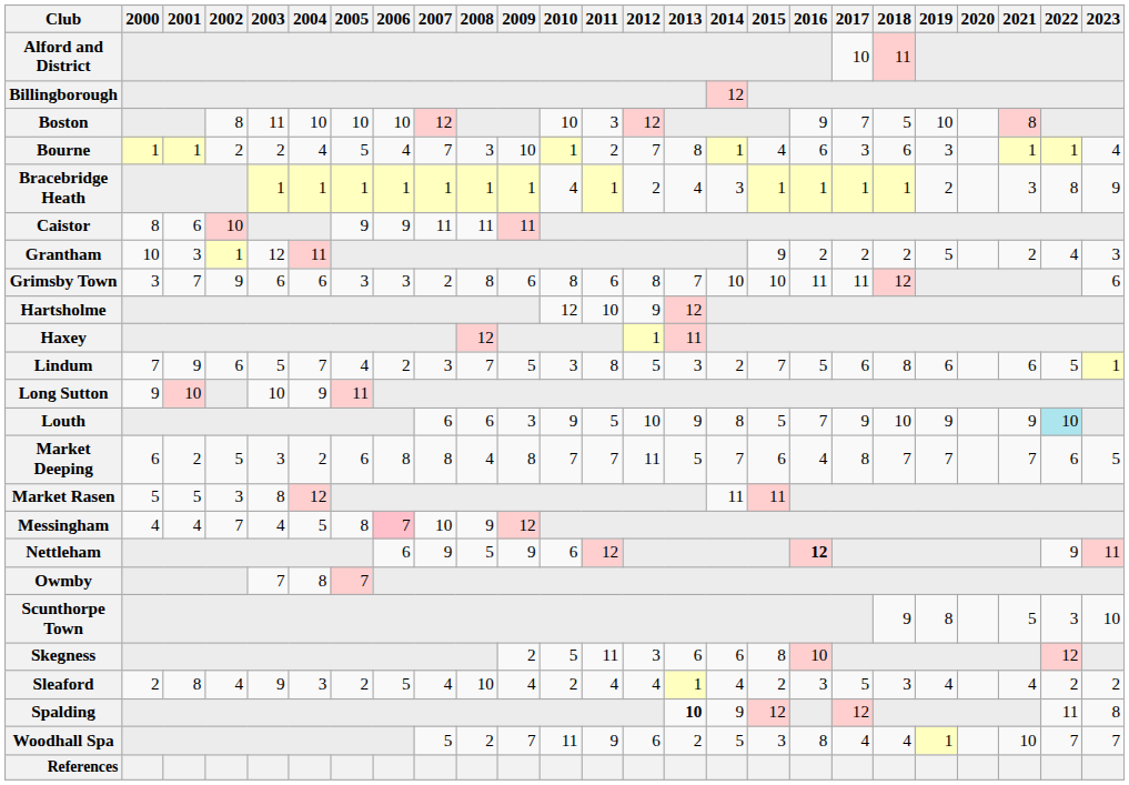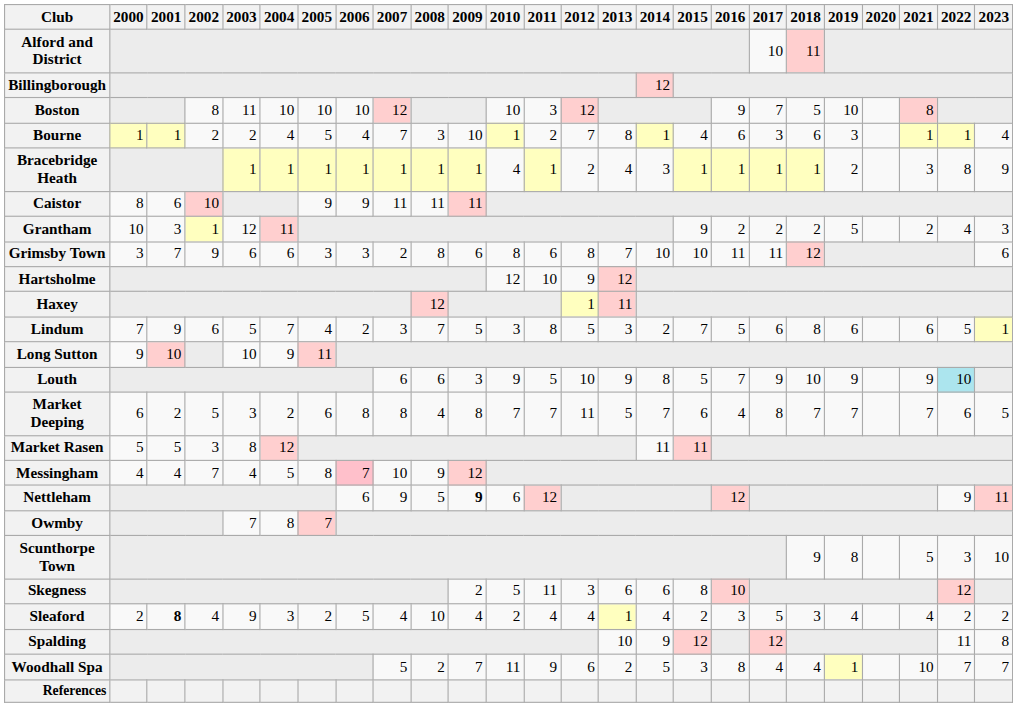 <table class="wikitable plainrowheaders" style="font-size:85%; text-align: right;">
 <tr>
 <th scope="col">Club</th>
 <th scope="col">2000</th>
 <th scope="col">2001</th>
 <th scope="col">2002</th>
 <th scope="col">2003</th>
 <th scope="col">2004</th>
 <th scope="col">2005</th>
 <th scope="col">2006</th>
 <th scope="col">2007</th>
 <th scope="col">2008</th>
 <th scope="col">2009</th>
 <th scope="col">2010</th>
 <th scope="col">2011</th>
 <th scope="col">2012</th>
 <th scope="col">2013</th>
 <th scope="col">2014</th>
 <th scope="col">2015</th>
 <th scope="col">2016</th>
 <th scope="col">2017</th>
 <th scope="col">2018</th>
 <th scope="col">2019</th>
 <th scope="col">2020</th>
 <th scope="col">2021</th>
 <th scope="col">2022</th>
 <th scope="col">2023</th>
 </tr>
 <tr>
 <th scope="row">Alford and District</th>
 <td bgcolor="#ececec" colspan="17"></td>
 <td>10</td>
 <td bgcolor="#ffcfcf">11</td>
 <td bgcolor="#ececec" colspan="5"></td>
 </tr>
 <tr>
 <th scope="row">Billingborough</th>
 <td bgcolor="#ececec" colspan="14"></td>
 <td bgcolor="#ffcfcf">12</td>
 <td bgcolor="#ececec" colspan="9"></td>
 </tr>
 <tr>
 <th scope="row">Boston</th>
 <td bgcolor="#ececec" colspan="2"></td>
 <td>8</td>
 <td>11</td>
 <td>10</td>
 <td>10</td>
 <td>10</td>
 <td bgcolor="#ffcfcf">12</td>
 <td bgcolor="#ececec" colspan="2"></td>
 <td>10</td>
 <td>3</td>
 <td bgcolor="#ffcfcf">12</td>
 <td bgcolor="#ececec" colspan="3"></td>
 <td>9</td>
 <td>7</td>
 <td>5</td>
 <td>10</td>
 <td></td>
 <td bgcolor="#ffcfcf">8</td>
 <td bgcolor="#ececec" colspan="2"></td>
 </tr>
 <tr>
 <th scope="row">Bourne</th>
 <td bgcolor="#ffffbf">1</td>
 <td bgcolor="#ffffbf">1</td>
 <td>2</td>
 <td>2</td>
 <td>4</td>
 <td>5</td>
 <td>4</td>
 <td>7</td>
 <td>3</td>
 <td>10</td>
 <td bgcolor="#ffffbf">1</td>
 <td>2</td>
 <td>7</td>
 <td>8</td>
 <td bgcolor="#ffffbf">1</td>
 <td>4</td>
 <td>6</td>
 <td>3</td>
 <td>6</td>
 <td>3</td>
 <td></td>
 <td bgcolor="#ffffbf">1</td>
 <td bgcolor="#ffffbf">1</td>
 <td>4</td>
 </tr>
 <tr>
 <th scope="row">Bracebridge Heath</th>
 <td bgcolor="#ececec" colspan="3"></td>
 <td bgcolor="#ffffbf">1</td>
 <td bgcolor="#ffffbf">1</td>
 <td bgcolor="#ffffbf">1</td>
 <td bgcolor="#ffffbf">1</td>
 <td bgcolor="#ffffbf">1</td>
 <td bgcolor="#ffffbf">1</td>
 <td bgcolor="#ffffbf">1</td>
 <td>4</td>
 <td bgcolor="#ffffbf">1</td>
 <td>2</td>
 <td>4</td>
 <td>3</td>
 <td bgcolor="#ffffbf">1</td>
 <td bgcolor="#ffffbf">1</td>
 <td bgcolor="#ffffbf">1</td>
 <td bgcolor="#ffffbf">1</td>
 <td>2</td>
 <td></td>
 <td>3</td>
 <td>8</td>
 <td>9</td>
 </tr>
 <tr>
 <th scope="row">Caistor</th>
 <td>8</td>
 <td>6</td>
 <td bgcolor="#ffcfcf">10</td>
 <td bgcolor="#ececec" colspan="2"></td>
 <td>9</td>
 <td>9</td>
 <td>11</td>
 <td>11</td>
 <td bgcolor="#ffcfcf">11</td>
 <td bgcolor="#ececec" colspan="14"></td>
 </tr>
 <tr>
 <th scope="row">Grantham</th>
 <td>10</td>
 <td>3</td>
 <td bgcolor="#ffffbf">1</td>
 <td>12</td>
 <td bgcolor="#ffcfcf">11</td>
 <td bgcolor="#ececec" colspan="10"></td>
 <td>9</td>
 <td>2</td>
 <td>2</td>
 <td>2</td>
 <td>5</td>
 <td></td>
 <td>2</td>
 <td>4</td>
 <td>3</td>
 </tr>
 <tr>
 <th scope="row">Grimsby Town</th>
 <td>3</td>
 <td>7</td>
 <td>9</td>
 <td>6</td>
 <td>6</td>
 <td>3</td>
 <td>3</td>
 <td>2</td>
 <td>8</td>
 <td>6</td>
 <td>8</td>
 <td>6</td>
 <td>8</td>
 <td>7</td>
 <td>10</td>
 <td>10</td>
 <td>11</td>
 <td>11</td>
 <td bgcolor="#ffcfcf">12</td>
 <td bgcolor="#ececec" colspan="4"></td>
 <td>6</td>
 </tr>
 <tr>
 <th scope="row">Hartsholme</th>
 <td bgcolor="#ececec" colspan="10"></td>
 <td>12</td>
 <td>10</td>
 <td>9</td>
 <td bgcolor="#ffcfcf">12</td>
 <td bgcolor="#ececec" colspan="10"></td>
 </tr>
 <tr>
 <th scope="row">Haxey</th>
 <td bgcolor="#ececec" colspan="8"></td>
 <td bgcolor="#ffcfcf">12</td>
 <td bgcolor="#ececec" colspan="3"></td>
 <td bgcolor="#ffffbf">1</td>
 <td bgcolor="#ffcfcf">11</td>
 <td bgcolor="#ececec" colspan="11"></td>
 </tr>
 <tr>
 <th scope="row">Lindum</th>
 <td>7</td>
 <td>9</td>
 <td>6</td>
 <td>5</td>
 <td>7</td>
 <td>4</td>
 <td>2</td>
 <td>3</td>
 <td>7</td>
 <td>5</td>
 <td>3</td>
 <td>8</td>
 <td>5</td>
 <td>3</td>
 <td>2</td>
 <td>7</td>
 <td>5</td>
 <td>6</td>
 <td>8</td>
 <td>6</td>
 <td></td>
 <td>6</td>
 <td>5</td>
 <td bgcolor="#ffffbf">1</td>
 </tr>
 <tr>
 <th scope="row">Long Sutton</th>
 <td>9</td>
 <td bgcolor="#ffcfcf">10</td>
 <td bgcolor="#ececec"></td>
 <td>10</td>
 <td>9</td>
 <td bgcolor="#ffcfcf">11</td>
 <td bgcolor="#ececec" colspan="18"></td>
 </tr>
 <tr>
 <th scope="row">Louth</th>
 <td bgcolor="#ececec" colspan="7"></td>
 <td>6</td>
 <td>6</td>
 <td>3</td>
 <td>9</td>
 <td>5</td>
 <td>10</td>
 <td>9</td>
 <td>8</td>
 <td>5</td>
 <td>7</td>
 <td>9</td>
 <td>10</td>
 <td>9</td>
 <td></td>
 <td>9</td>
 <td bgcolor="#ace5ee">10</td>
 <td bgcolor="#ececec" colspan="1"></td>
 </tr>
 <tr>
 <th scope="row">Market Deeping</th>
 <td>6</td>
 <td>2</td>
 <td>5</td>
 <td>3</td>
 <td>2</td>
 <td>6</td>
 <td>8</td>
 <td>8</td>
 <td>4</td>
 <td>8</td>
 <td>7</td>
 <td>7</td>
 <td>11</td>
 <td>5</td>
 <td>7</td>
 <td>6</td>
 <td>4</td>
 <td>8</td>
 <td>7</td>
 <td>7</td>
 <td></td>
 <td>7</td>
 <td>6</td>
 <td>5</td>
 </tr>
 <tr>
 <th scope="row">Market Rasen</th>
 <td>5</td>
 <td>5</td>
 <td>3</td>
 <td>8</td>
 <td bgcolor="#ffcfcf">12</td>
 <td bgcolor="#ececec" colspan="9"></td>
 <td>11</td>
 <td bgcolor="#ffcfcf">11</td>
 <td bgcolor="#ececec" colspan="8"></td>
 </tr>
 <tr>
 <th scope="row">Messingham</th>
 <td>4</td>
 <td>4</td>
 <td>7</td>
 <td>4</td>
 <td>5</td>
 <td>8</td>
 <td style="background: pink;">7</td>
 <td>10</td>
 <td>9</td>
 <td bgcolor="#ffcfcf">12</td>
 <td bgcolor="#ececec" colspan="14"></td>
 </tr>
 <tr>
 <th scope="row">Nettleham</th>
 <td bgcolor="#ececec" colspan="6"></td>
 <td>6</td>
 <td>9</td>
 <td>5</td>
-<td>9</td>
+<td><strong>9</strong></td>
 <td>6</td>
 <td bgcolor="#ffcfcf">12</td>
 <td bgcolor="#ececec" colspan="4"></td>
-<td bgcolor="#ffcfcf"><strong>12</strong></td>
+<td bgcolor="#ffcfcf">12</td>
 <td bgcolor="#ececec" colspan="5"></td>
 <td>9</td>
 <td bgcolor="#ffcfcf">11</td>
 </tr>
 <tr>
 <th scope="row">Owmby</th>
 <td bgcolor="#ececec" colspan="3"></td>
 <td>7</td>
 <td>8</td>
 <td bgcolor="#ffcfcf">7</td>
 <td bgcolor="#ececec" colspan="18"></td>
 </tr>
 <tr>
 <th scope="row">Scunthorpe Town</th>
 <td bgcolor="#ececec" colspan="18"></td>
 <td>9</td>
 <td>8</td>
 <td></td>
 <td>5</td>
 <td>3</td>
 <td>10</td>
 </tr>
 <tr>
 <th scope="row">Skegness</th>
 <td bgcolor="#ececec" colspan="9"></td>
 <td>2</td>
 <td>5</td>
 <td>11</td>
 <td>3</td>
 <td>6</td>
 <td>6</td>
 <td>8</td>
 <td bgcolor="#ffcfcf">10</td>
 <td bgcolor="#ececec" colspan="5"></td>
 <td bgcolor="#ffcfcf">12</td>
 <td bgcolor="#ececec" colspan="1"></td>
 </tr>
 <tr>
 <th scope="row">Sleaford</th>
 <td>2</td>
-<td>8</td>
+<td><strong>8</strong></td>
 <td>4</td>
 <td>9</td>
 <td>3</td>
 <td>2</td>
 <td>5</td>
 <td>4</td>
 <td>10</td>
 <td>4</td>
 <td>2</td>
 <td>4</td>
 <td>4</td>
 <td bgcolor="#ffffbf">1</td>
 <td>4</td>
 <td>2</td>
 <td>3</td>
 <td>5</td>
 <td>3</td>
 <td>4</td>
 <td></td>
 <td>4</td>
 <td>2</td>
 <td>2</td>
 </tr>
 <tr>
 <th scope="row">Spalding</th>
 <td bgcolor="#ececec" colspan="13"></td>
-<td><strong>10</strong></td>
+<td>10</td>
 <td>9</td>
 <td bgcolor="#ffcfcf">12</td>
 <td bgcolor="#ececec"></td>
 <td bgcolor="#ffcfcf">12</td>
 <td bgcolor="#ececec" colspan="4"></td>
 <td>11</td>
 <td>8</td>
 </tr>
 <tr>
 <th scope="row">Woodhall Spa</th>
 <td bgcolor="#ececec" colspan="7"></td>
 <td>5</td>
 <td>2</td>
 <td>7</td>
 <td>11</td>
 <td>9</td>
 <td>6</td>
 <td>2</td>
 <td>5</td>
 <td>3</td>
 <td>8</td>
 <td>4</td>
 <td>4</td>
 <td bgcolor="#ffffbf">1</td>
 <td></td>
 <td>10</td>
 <td>7</td>
 <td>7</td>
 </tr>
 <tr style="font-size:90%; text-align:center">
 <th scope="row" style="text-align: right">References</th>
 <th scope="col"></th>
 <th scope="col"></th>
 <th scope="col"></th>
 <th scope="col"></th>
 <th scope="col"></th>
 <th scope="col"></th>
 <th scope="col"></th>
 <th scope="col"></th>
 <th scope="col"></th>
 <th scope="col"></th>
 <th scope="col"></th>
 <th scope="col"></th>
 <th scope="col"></th>
 <th scope="col"></th>
 <th scope="col"></th>
 <th scope="col"></th>
 <th scope="col"></th>
 <th scope="col"></th>
 <th scope="col"></th>
 <th scope="col"></th>
 <th scope="col"></th>
 <th scope="col"></th>
 <th scope="col"></th>
 <th scope="col"></th>
 </tr>
 </table>
